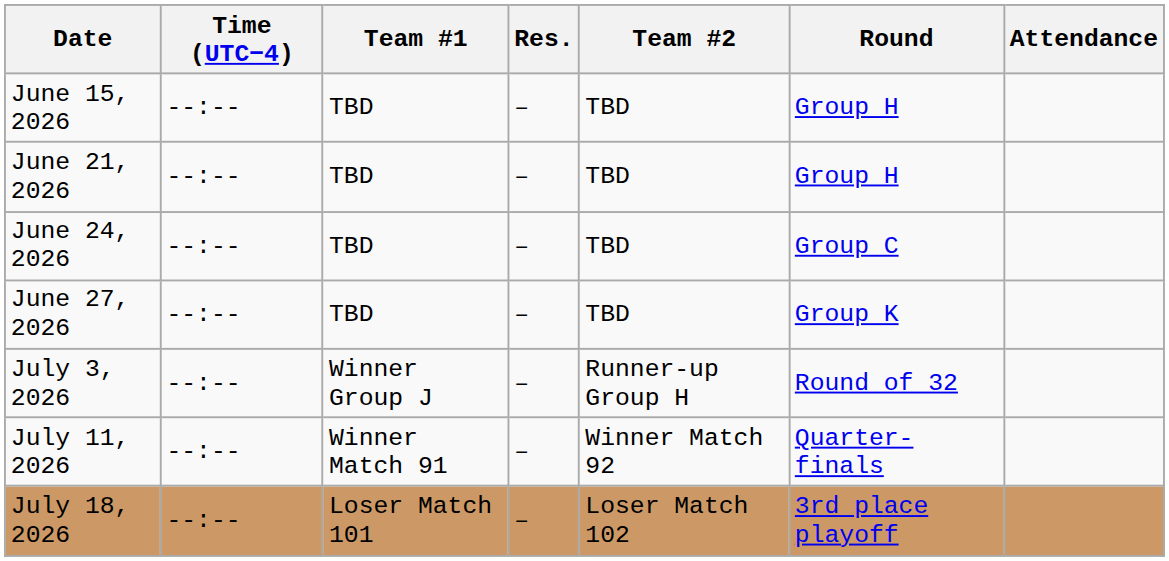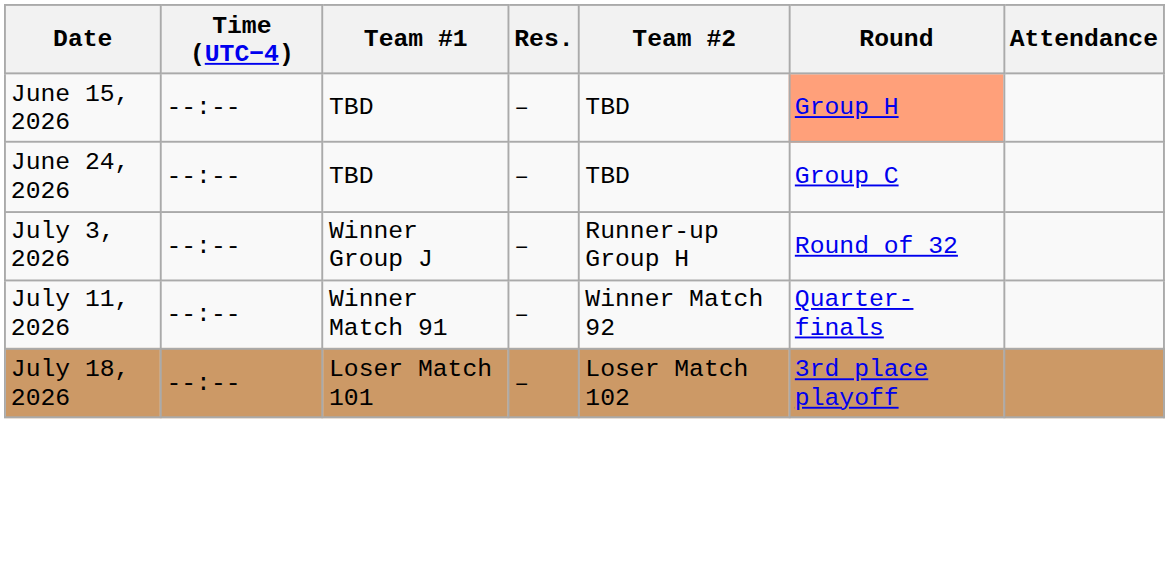 <table class="wikitable sortable">
 <tr>
 <th style="text-align:center;">Date</th>
 <th style="text-align:center;">Time (<a href='#'>UTC−4</a>)</th>
 <th style="text-align:center;">Team #1</th>
 <th style="text-align:center;">Res.</th>
 <th style="text-align:center;">Team #2</th>
 <th style="text-align:center;">Round</th>
 <th>Attendance</th>
 </tr>
 <tr>
 <td>June 15, 2026</td>
 <td>--:--</td>
 <td>TBD</td>
 <td>–</td>
 <td>TBD</td>
-<td><a href='#'>Group H</a></td>
-<td></td>
-</tr>
-<tr>
-<td>June 21, 2026</td>
-<td>--:--</td>
-<td>TBD</td>
-<td>–</td>
-<td>TBD</td>
-<td><a href='#'>Group H</a></td>
+<td style="background: lightsalmon;"><a href='#'>Group H</a></td>
 <td></td>
 </tr>
 <tr>
 <td>June 24, 2026</td>
 <td>--:--</td>
 <td>TBD</td>
 <td>–</td>
 <td>TBD</td>
 <td><a href='#'>Group C</a></td>
-<td></td>
-</tr>
-<tr>
-<td>June 27, 2026</td>
-<td>--:--</td>
-<td>TBD</td>
-<td>–</td>
-<td>TBD</td>
-<td><a href='#'>Group K</a></td>
 <td></td>
 </tr>
 <tr>
 <td>July 3, 2026</td>
 <td>--:--</td>
 <td>Winner Group J</td>
 <td>–</td>
 <td>Runner-up Group H</td>
 <td><a href='#'>Round of 32</a></td>
 <td></td>
 </tr>
 <tr>
 <td>July 11, 2026</td>
 <td>--:--</td>
 <td>Winner Match 91</td>
 <td>–</td>
 <td>Winner Match 92</td>
 <td><a href='#'>Quarter-finals</a></td>
 <td></td>
 </tr>
 <tr style="background:#c96;">
 <td>July 18, 2026</td>
 <td>--:--</td>
 <td>Loser Match 101</td>
 <td>–</td>
 <td>Loser Match 102</td>
 <td><a href='#'>3rd place playoff</a></td>
 <td></td>
 </tr>
 </table>
